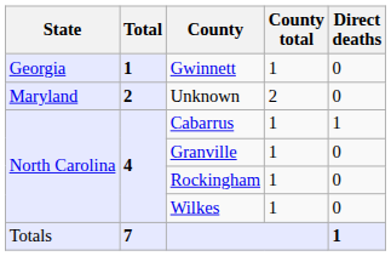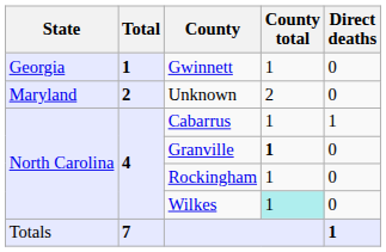 <table class="wikitable"  style="float:right; margin-left:1em;">
 <tr>
 <th><strong>State</strong></th>
 <th><strong>Total</strong></th>
 <th><strong>County</strong></th>
 <th><strong>County<br>total</strong></th>
 <th><strong>Direct<br>deaths</strong></th>
 </tr>
 <tr>
 <td style="background:#e6e9ff;"><a href='#'>Georgia</a></td>
 <td style="background:#e6e9ff;"><strong>1</strong></td>
 <td><a href='#'>Gwinnett</a></td>
 <td>1</td>
 <td>0</td>
 </tr>
 <tr>
 <td style="background:#e6e9ff;"><a href='#'>Maryland</a></td>
 <td style="background:#e6e9ff;"><strong>2</strong></td>
 <td>Unknown</td>
 <td>2</td>
 <td>0</td>
 </tr>
 <tr>
 <td rowspan="4" style="background:#e6e9ff;"><a href='#'>North Carolina</a></td>
 <td rowspan="4" style="background:#e6e9ff;"><strong>4</strong></td>
 <td><a href='#'>Cabarrus</a></td>
 <td>1</td>
 <td>1</td>
 </tr>
 <tr>
 <td><a href='#'>Granville</a></td>
-<td>1</td>
+<td><strong>1</strong></td>
 <td>0</td>
 </tr>
 <tr>
 <td><a href='#'>Rockingham</a></td>
 <td>1</td>
 <td>0</td>
 </tr>
 <tr>
 <td><a href='#'>Wilkes</a></td>
-<td>1</td>
+<td style="background: paleturquoise;">1</td>
 <td>0</td>
 </tr>
 <tr style="background:#e6e9ff;">
 <td>Totals</td>
 <td><strong>7</strong></td>
 <td style="background:#e6e9ff;" colspan="2"></td>
 <td><strong>1</strong></td>
 </tr>
 </table>
